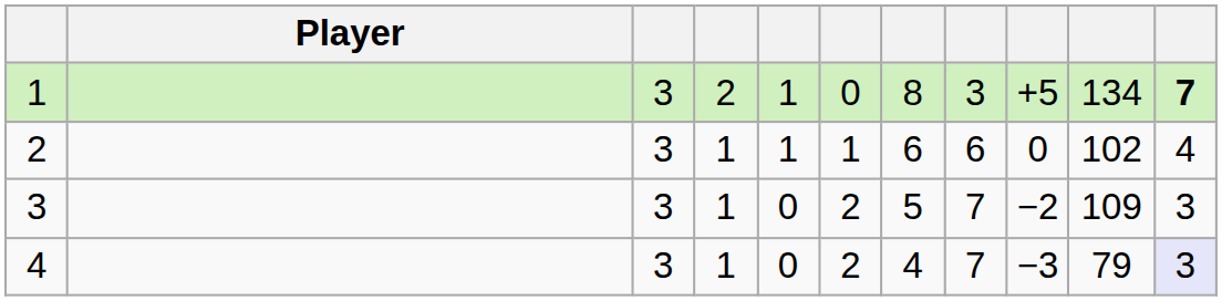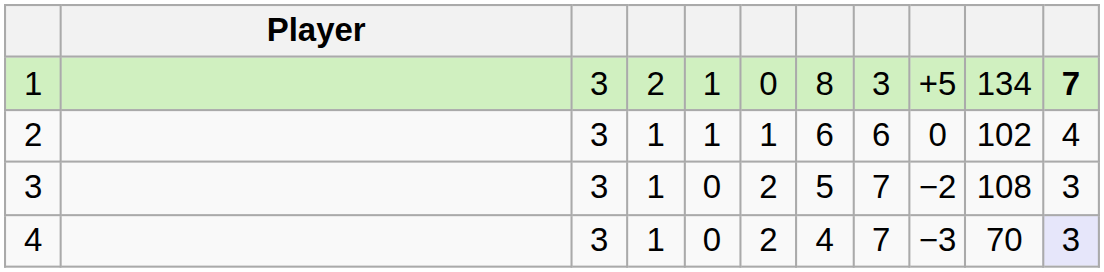 <table class="wikitable" style="text-align:center; margin: 1em auto 1em auto, align:left">
 <tr>
 <th width=20></th>
 <th width=240>Player</th>
 <th width=20></th>
 <th width=20></th>
 <th width=20></th>
 <th width=20></th>
 <th width=20></th>
 <th width=20></th>
 <th width=20></th>
 <th width=30></th>
 <th width=20></th>
 </tr>
 <tr style="background:#D0F0C0;">
 <td>1</td>
 <td align=left></td>
 <td>3</td>
 <td>2</td>
 <td>1</td>
 <td>0</td>
 <td>8</td>
 <td>3</td>
 <td>+5</td>
 <td>134</td>
 <td><strong>7</strong></td>
 </tr>
 <tr style=>
 <td>2</td>
 <td align=left></td>
 <td>3</td>
 <td>1</td>
 <td>1</td>
 <td>1</td>
 <td>6</td>
 <td>6</td>
 <td>0</td>
 <td>102</td>
 <td>4</td>
 </tr>
 <tr style=>
 <td>3</td>
 <td align=left></td>
 <td>3</td>
 <td>1</td>
 <td>0</td>
 <td>2</td>
 <td>5</td>
 <td>7</td>
 <td>−2</td>
-<td>109</td>
+<td>108</td>
 <td>3</td>
 </tr>
 <tr style>
 <td>4</td>
 <td align=left></td>
 <td>3</td>
 <td>1</td>
 <td>0</td>
 <td>2</td>
 <td>4</td>
 <td>7</td>
 <td>−3</td>
-<td>79</td>
+<td>70</td>
 <td style="background: lavender;">3</td>
 </tr>
 </table>
